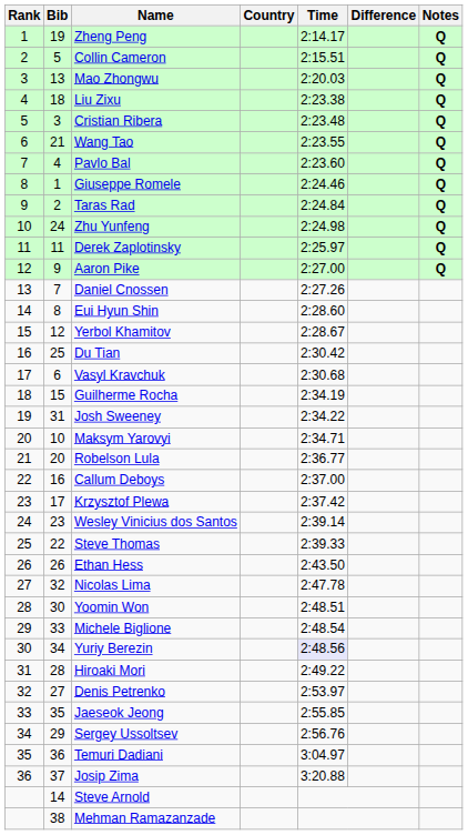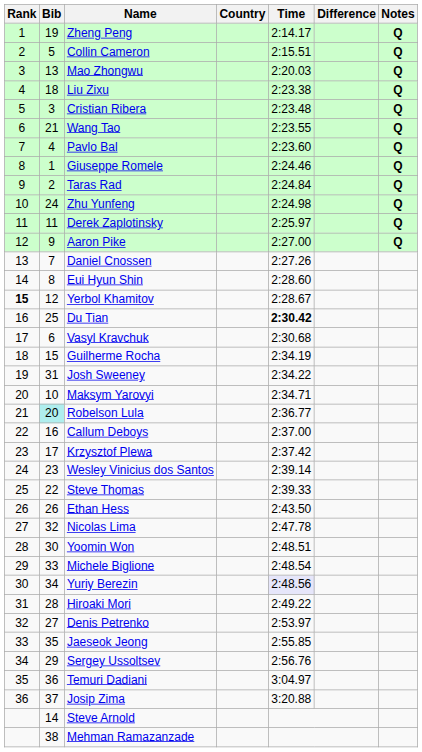 <table class="wikitable sortable" style="text-align:center">
 <tr>
 <th>Rank</th>
 <th>Bib</th>
 <th>Name</th>
 <th>Country</th>
 <th>Time</th>
 <th>Difference</th>
 <th>Notes</th>
 </tr>
 <tr bgcolor=ccffcc>
 <td>1</td>
 <td>19</td>
 <td align=left><a href='#'>Zheng Peng</a></td>
 <td align=left></td>
 <td>2:14.17</td>
 <td></td>
 <td><strong>Q</strong></td>
 </tr>
 <tr bgcolor=ccffcc>
 <td>2</td>
 <td>5</td>
 <td align=left><a href='#'>Collin Cameron</a></td>
 <td align=left></td>
 <td>2:15.51</td>
 <td></td>
 <td><strong>Q</strong></td>
 </tr>
 <tr bgcolor=ccffcc>
 <td>3</td>
 <td>13</td>
 <td align=left><a href='#'>Mao Zhongwu</a></td>
 <td align=left></td>
 <td>2:20.03</td>
 <td></td>
 <td><strong>Q</strong></td>
 </tr>
 <tr bgcolor=ccffcc>
 <td>4</td>
 <td>18</td>
 <td align=left><a href='#'>Liu Zixu</a></td>
 <td align=left></td>
 <td>2:23.38</td>
 <td></td>
 <td><strong>Q</strong></td>
 </tr>
 <tr bgcolor=ccffcc>
 <td>5</td>
 <td>3</td>
 <td align=left><a href='#'>Cristian Ribera</a></td>
 <td align=left></td>
 <td>2:23.48</td>
 <td></td>
 <td><strong>Q</strong></td>
 </tr>
 <tr bgcolor=ccffcc>
 <td>6</td>
 <td>21</td>
 <td align=left><a href='#'>Wang Tao</a></td>
 <td align=left></td>
 <td>2:23.55</td>
 <td></td>
 <td><strong>Q</strong></td>
 </tr>
 <tr bgcolor=ccffcc>
 <td>7</td>
 <td>4</td>
 <td align=left><a href='#'>Pavlo Bal</a></td>
 <td align=left></td>
 <td>2:23.60</td>
 <td></td>
 <td><strong>Q</strong></td>
 </tr>
 <tr bgcolor=ccffcc>
 <td>8</td>
 <td>1</td>
 <td align=left><a href='#'>Giuseppe Romele</a></td>
 <td align=left></td>
 <td>2:24.46</td>
 <td></td>
 <td><strong>Q</strong></td>
 </tr>
 <tr bgcolor=ccffcc>
 <td>9</td>
 <td>2</td>
 <td align=left><a href='#'>Taras Rad</a></td>
 <td align=left></td>
 <td>2:24.84</td>
 <td></td>
 <td><strong>Q</strong></td>
 </tr>
 <tr bgcolor=ccffcc>
 <td>10</td>
 <td>24</td>
 <td align=left><a href='#'>Zhu Yunfeng</a></td>
 <td align=left></td>
 <td>2:24.98</td>
 <td></td>
 <td><strong>Q</strong></td>
 </tr>
 <tr bgcolor=ccffcc>
 <td>11</td>
 <td>11</td>
 <td align=left><a href='#'>Derek Zaplotinsky</a></td>
 <td align=left></td>
 <td>2:25.97</td>
 <td></td>
 <td><strong>Q</strong></td>
 </tr>
 <tr bgcolor=ccffcc>
 <td>12</td>
 <td>9</td>
 <td align=left><a href='#'>Aaron Pike</a></td>
 <td align=left></td>
 <td>2:27.00</td>
 <td></td>
 <td><strong>Q</strong></td>
 </tr>
 <tr>
 <td>13</td>
 <td>7</td>
 <td align=left><a href='#'>Daniel Cnossen</a></td>
 <td align=left></td>
 <td>2:27.26</td>
 <td></td>
 <td></td>
 </tr>
 <tr>
 <td>14</td>
 <td>8</td>
 <td align=left><a href='#'>Eui Hyun Shin</a></td>
 <td align=left></td>
 <td>2:28.60</td>
 <td></td>
 <td></td>
 </tr>
 <tr>
-<td>15</td>
+<td><strong>15</strong></td>
 <td>12</td>
 <td align=left><a href='#'>Yerbol Khamitov</a></td>
 <td align=left></td>
 <td>2:28.67</td>
 <td></td>
 <td></td>
 </tr>
 <tr>
 <td>16</td>
 <td>25</td>
 <td align="left"><a href='#'>Du Tian</a></td>
 <td align="left"></td>
-<td>2:30.42</td>
+<td><strong>2:30.42</strong></td>
 <td></td>
 <td></td>
 </tr>
 <tr>
 <td>17</td>
 <td>6</td>
 <td align=left><a href='#'>Vasyl Kravchuk</a></td>
 <td align=left></td>
 <td>2:30.68</td>
 <td></td>
 <td></td>
 </tr>
 <tr>
 <td>18</td>
 <td>15</td>
 <td align=left><a href='#'>Guilherme Rocha</a></td>
 <td align=left></td>
 <td>2:34.19</td>
 <td></td>
 <td></td>
 </tr>
 <tr>
 <td>19</td>
 <td>31</td>
 <td align=left><a href='#'>Josh Sweeney</a></td>
 <td align=left></td>
 <td>2:34.22</td>
 <td></td>
 <td></td>
 </tr>
 <tr>
 <td>20</td>
 <td>10</td>
 <td align=left><a href='#'>Maksym Yarovyi</a></td>
 <td align=left></td>
 <td>2:34.71</td>
 <td></td>
 <td></td>
 </tr>
 <tr>
 <td>21</td>
-<td>20</td>
+<td style="background: paleturquoise;">20</td>
 <td align=left><a href='#'>Robelson Lula</a></td>
 <td align=left></td>
 <td>2:36.77</td>
 <td></td>
 <td></td>
 </tr>
 <tr>
 <td>22</td>
 <td>16</td>
 <td align=left><a href='#'>Callum Deboys</a></td>
 <td align=left></td>
 <td>2:37.00</td>
 <td></td>
 <td></td>
 </tr>
 <tr>
 <td>23</td>
 <td>17</td>
 <td align=left><a href='#'>Krzysztof Plewa</a></td>
 <td align=left></td>
 <td>2:37.42</td>
 <td></td>
 <td></td>
 </tr>
 <tr>
 <td>24</td>
 <td>23</td>
 <td align=left><a href='#'>Wesley Vinicius dos Santos</a></td>
 <td align=left></td>
 <td>2:39.14</td>
 <td></td>
 <td></td>
 </tr>
 <tr>
 <td>25</td>
 <td>22</td>
 <td align=left><a href='#'>Steve Thomas</a></td>
 <td align=left></td>
 <td>2:39.33</td>
 <td></td>
 <td></td>
 </tr>
 <tr>
 <td>26</td>
 <td>26</td>
 <td align=left><a href='#'>Ethan Hess</a></td>
 <td align=left></td>
 <td>2:43.50</td>
 <td></td>
 <td></td>
 </tr>
 <tr>
 <td>27</td>
 <td>32</td>
 <td align=left><a href='#'>Nicolas Lima</a></td>
 <td align=left></td>
 <td>2:47.78</td>
 <td></td>
 <td></td>
 </tr>
 <tr>
 <td>28</td>
 <td>30</td>
 <td align=left><a href='#'>Yoomin Won</a></td>
 <td align=left></td>
 <td>2:48.51</td>
 <td></td>
 <td></td>
 </tr>
 <tr>
 <td>29</td>
 <td>33</td>
 <td align=left><a href='#'>Michele Biglione</a></td>
 <td align=left></td>
 <td>2:48.54</td>
 <td></td>
 <td></td>
 </tr>
 <tr>
 <td>30</td>
 <td>34</td>
 <td align=left><a href='#'>Yuriy Berezin</a></td>
 <td align=left></td>
 <td style="background: lavender;">2:48.56</td>
 <td></td>
 <td></td>
 </tr>
 <tr>
 <td>31</td>
 <td>28</td>
 <td align=left><a href='#'>Hiroaki Mori</a></td>
 <td align=left></td>
 <td>2:49.22</td>
 <td></td>
 <td></td>
 </tr>
 <tr>
 <td>32</td>
 <td>27</td>
 <td align=left><a href='#'>Denis Petrenko</a></td>
 <td align=left></td>
 <td>2:53.97</td>
 <td></td>
 <td></td>
 </tr>
 <tr>
 <td>33</td>
 <td>35</td>
 <td align=left><a href='#'>Jaeseok Jeong</a></td>
 <td align=left></td>
 <td>2:55.85</td>
 <td></td>
 <td></td>
 </tr>
 <tr>
 <td>34</td>
 <td>29</td>
 <td align=left><a href='#'>Sergey Ussoltsev</a></td>
 <td align=left></td>
 <td>2:56.76</td>
 <td></td>
 <td></td>
 </tr>
 <tr>
 <td>35</td>
 <td>36</td>
 <td align=left><a href='#'>Temuri Dadiani</a></td>
 <td align=left></td>
 <td>3:04.97</td>
 <td></td>
 <td></td>
 </tr>
 <tr>
 <td>36</td>
 <td>37</td>
 <td align=left><a href='#'>Josip Zima</a></td>
 <td align=left></td>
 <td>3:20.88</td>
 <td></td>
 <td></td>
 </tr>
 <tr>
 <td></td>
 <td>14</td>
 <td align=left><a href='#'>Steve Arnold</a></td>
 <td align=left></td>
 <td colspan=2></td>
 <td></td>
 </tr>
 <tr>
 <td></td>
 <td>38</td>
 <td align=left><a href='#'>Mehman Ramazanzade</a></td>
 <td align=left></td>
 <td colspan=2></td>
 <td></td>
 </tr>
 </table>
